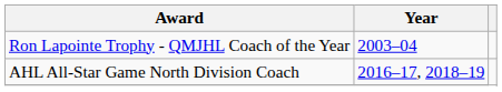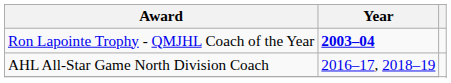 <table class="wikitable">
 <tr>
 <th>Award</th>
 <th>Year</th>
 <th></th>
 </tr>
 <tr>
 <td><a href='#'>Ron Lapointe Trophy</a> - <a href='#'>QMJHL</a> Coach of the Year</td>
-<td><a href='#'>2003–04</a></td>
+<td><strong><a href='#'>2003–04</a></strong></td>
 <td></td>
 </tr>
 <tr>
 <td>AHL All-Star Game North Division Coach</td>
 <td><a href='#'>2016–17</a>, <a href='#'>2018–19</a></td>
 </tr>
 <tr>
 </tr>
 </table>
